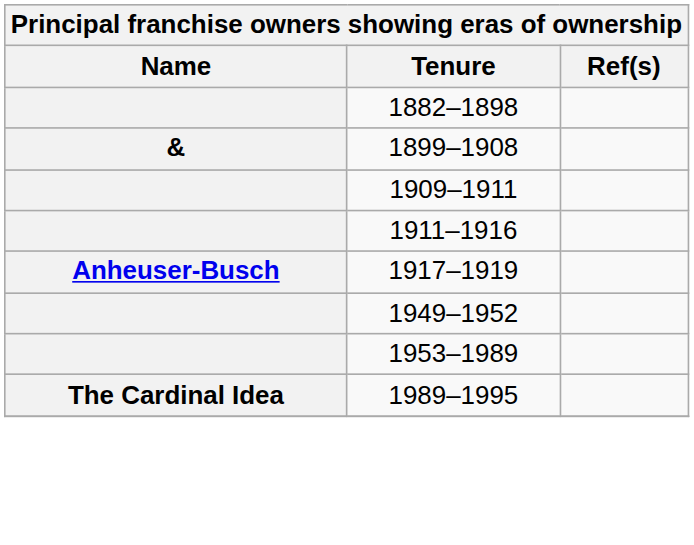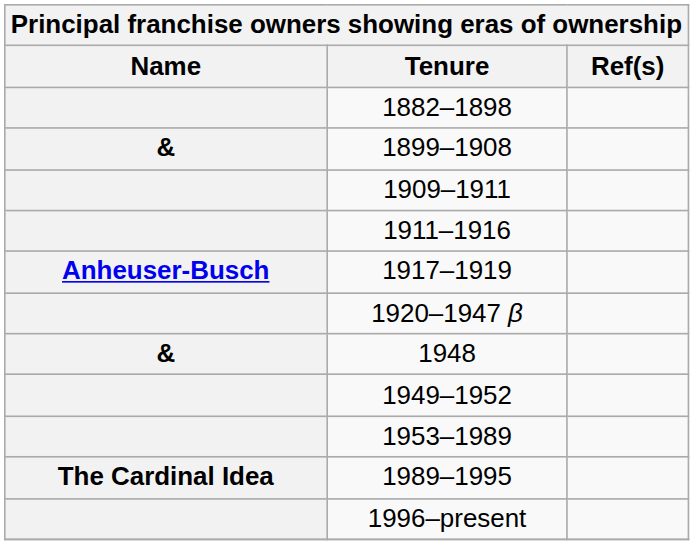 <table class="wikitable sortable plainrowheaders" style="text-align:center">
 <tr>
 <th colspan=3>Principal franchise owners showing eras of ownership</th>
 </tr>
 <tr>
 <th scope="col">Name</th>
 <th scope="col">Tenure</th>
 <th scope="col" class="unsortable">Ref(s)</th>
 </tr>
 <tr>
 <th scope="row"></th>
 <td>1882–1898</td>
 <td></td>
 </tr>
 <tr>
 <th scope="row"> & </th>
 <td>1899–1908</td>
 <td></td>
 </tr>
 <tr>
 <th scope="row"></th>
 <td>1909–1911</td>
 <td></td>
 </tr>
 <tr>
 <th scope="row"></th>
 <td>1911–1916</td>
 <td></td>
 </tr>
 <tr>
 <th scope="row"><a href='#'>Anheuser-Busch</a></th>
 <td>1917–1919</td>
 <td></td>
 </tr>
 <tr>
 <th scope="row"></th>
+<td>1920–1947 <em>β</em></td>
+<td></td>
+</tr>
+<tr>
+<th scope="row"> & </th>
+<td>1948</td>
+<td></td>
+</tr>
+<tr>
+<th scope="row"></th>
 <td>1949–1952</td>
 <td></td>
 </tr>
 <tr>
 <th scope="row"></th>
 <td>1953–1989</td>
 <td></td>
 </tr>
 <tr>
 <th scope="row">The Cardinal Idea</th>
 <td>1989–1995</td>
 <td></td>
 </tr>
 <tr>
+<th scope="row"></th>
+<td>1996–present</td>
+<td></td>
+</tr>
+<tr>
 </tr>
 </table>
